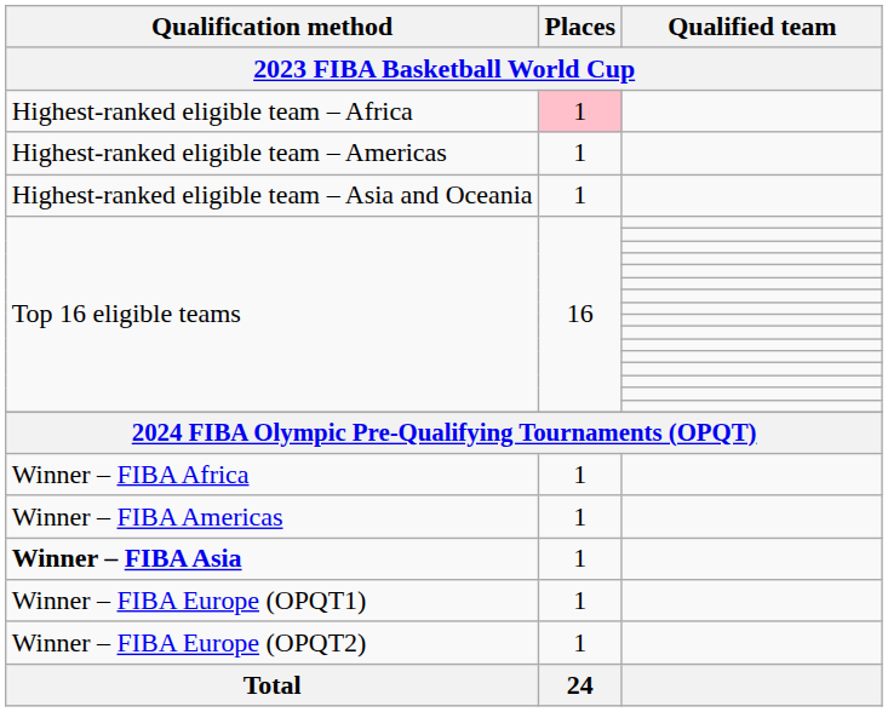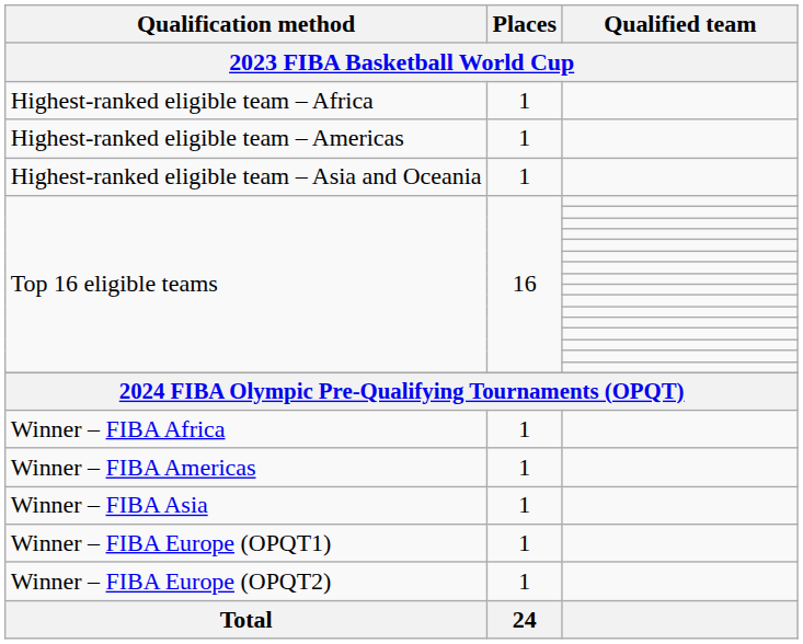 <table class="wikitable">
 <tr>
 <th>Qualification method</th>
 <th>Places</th>
 <th width=150>Qualified team</th>
 </tr>
 <tr>
 <th colspan=3><a href='#'>2023 FIBA Basketball World Cup</a></th>
 </tr>
 <tr>
 <td>Highest-ranked eligible team – Africa</td>
-<td align=center style="background: pink;">1</td>
+<td align=center>1</td>
 <td></td>
 </tr>
 <tr>
 <td>Highest-ranked eligible team – Americas</td>
 <td align=center>1</td>
 <td></td>
 </tr>
 <tr>
 <td>Highest-ranked eligible team – Asia and Oceania</td>
 <td align=center>1</td>
 <td></td>
 </tr>
 <tr>
 <td rowspan=16>Top 16 eligible teams</td>
 <td rowspan=16 align=center>16</td>
 <td></td>
 </tr>
 <tr>
 <td></td>
 </tr>
 <tr>
 <td></td>
 </tr>
 <tr>
 <td></td>
 </tr>
 <tr>
 <td></td>
 </tr>
 <tr>
 <td></td>
 </tr>
 <tr>
 <td></td>
 </tr>
 <tr>
 <td></td>
 </tr>
 <tr>
 <td></td>
 </tr>
 <tr>
 <td></td>
 </tr>
 <tr>
 <td></td>
 </tr>
 <tr>
 <td></td>
 </tr>
 <tr>
 <td></td>
 </tr>
 <tr>
 <td></td>
 </tr>
 <tr>
 <td></td>
 </tr>
 <tr>
 <td></td>
 </tr>
 <tr>
 </tr>
 <tr style="font-size: 95%">
 <th colspan=3><a href='#'>2024 FIBA Olympic Pre-Qualifying Tournaments (OPQT)</a></th>
 </tr>
 <tr>
 <td>Winner – <a href='#'>FIBA Africa</a></td>
 <td align=center>1</td>
 <td></td>
 </tr>
 <tr>
 <td>Winner – <a href='#'>FIBA Americas</a></td>
 <td align=center>1</td>
 <td></td>
 </tr>
 <tr>
-<td><strong>Winner – <a href='#'>FIBA Asia</a></strong></td>
+<td>Winner – <a href='#'>FIBA Asia</a></td>
 <td align=center>1</td>
 <td></td>
 </tr>
 <tr>
 <td>Winner – <a href='#'>FIBA Europe</a> (OPQT1)</td>
 <td align=center>1</td>
 <td></td>
 </tr>
 <tr>
 <td>Winner – <a href='#'>FIBA Europe</a> (OPQT2)</td>
 <td align=center>1</td>
 <td></td>
 </tr>
 <tr>
 <th>Total</th>
 <th>24</th>
 <th></th>
 </tr>
 </table>
